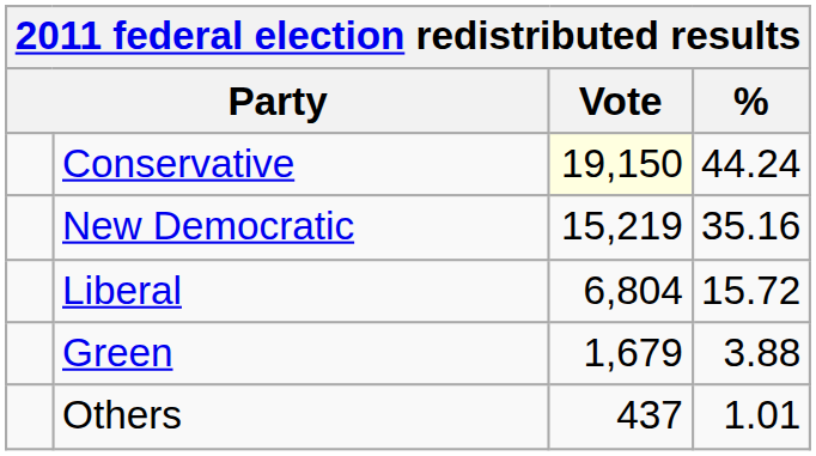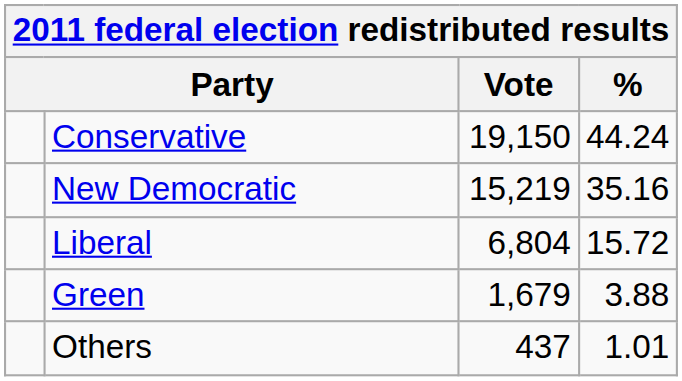 <table class="wikitable">
 <tr>
 <th colspan="4"><a href='#'>2011 federal election</a> redistributed results</th>
 </tr>
 <tr>
 <th bgcolor="#DDDDFF" width="130px" colspan="2">Party</th>
 <th bgcolor="#DDDDFF" width="50px">Vote</th>
 <th bgcolor="#DDDDFF" width="30px">%</th>
 </tr>
 <tr>
 <td> </td>
 <td><a href='#'>Conservative</a></td>
-<td align="right" style="background: lightyellow;">19,150</td>
+<td align="right">19,150</td>
 <td align="right">44.24</td>
 </tr>
 <tr>
 <td> </td>
 <td><a href='#'>New Democratic</a></td>
 <td align="right">15,219</td>
 <td align="right">35.16</td>
 </tr>
 <tr>
 <td> </td>
 <td><a href='#'>Liberal</a></td>
 <td align="right">6,804</td>
 <td align="right">15.72</td>
 </tr>
 <tr>
 <td> </td>
 <td><a href='#'>Green</a></td>
 <td align="right">1,679</td>
 <td align="right">3.88</td>
 </tr>
 <tr>
 <td> </td>
 <td>Others</td>
 <td align="right">437</td>
 <td align="right">1.01</td>
 </tr>
 </table>
